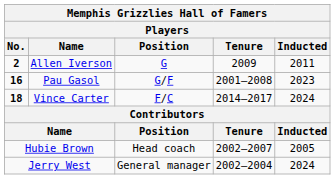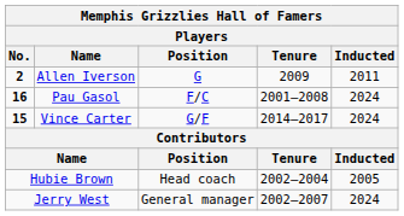 <table class="wikitable" style="text-align:center">
 <tr>
 <th colspan="5">Memphis Grizzlies Hall of Famers</th>
 </tr>
 <tr>
 <th colspan="5">Players</th>
 </tr>
 <tr>
 <th>No.</th>
 <th>Name</th>
 <th>Position</th>
 <th>Tenure</th>
 <th>Inducted</th>
 </tr>
 <tr>
 <td><strong>2</strong></td>
 <td><a href='#'>Allen Iverson</a></td>
 <td><a href='#'>G</a></td>
 <td>2009</td>
 <td>2011</td>
 </tr>
 <tr>
 <td><strong>16</strong></td>
 <td><a href='#'>Pau Gasol</a></td>
-<td><a href='#'>G</a>/<a href='#'>F</a></td>
+<td><a href='#'>F</a>/<a href='#'>C</a></td>
 <td>2001–2008</td>
-<td>2023</td>
+<td>2024</td>
 </tr>
 <tr>
-<td><strong>18</strong></td>
+<td><strong>15</strong></td>
 <td><a href='#'>Vince Carter</a></td>
-<td><a href='#'>F</a>/<a href='#'>C</a></td>
+<td><a href='#'>G</a>/<a href='#'>F</a></td>
 <td>2014–2017</td>
 <td>2024</td>
 </tr>
 <tr>
 <th colspan="5" style="text-align:center; ">Contributors</th>
 </tr>
 <tr>
 <th colspan="2">Name</th>
 <th>Position</th>
 <th>Tenure</th>
 <th>Inducted</th>
 </tr>
 <tr>
 <td colspan="2"><a href='#'>Hubie Brown</a></td>
 <td>Head coach</td>
-<td>2002–2007</td>
+<td>2002–2004</td>
 <td>2005</td>
 </tr>
 <tr>
 <td colspan="2"><a href='#'>Jerry West</a></td>
 <td>General manager</td>
-<td>2002–2004</td>
+<td>2002–2007</td>
 <td>2024</td>
 </tr>
 </table>
